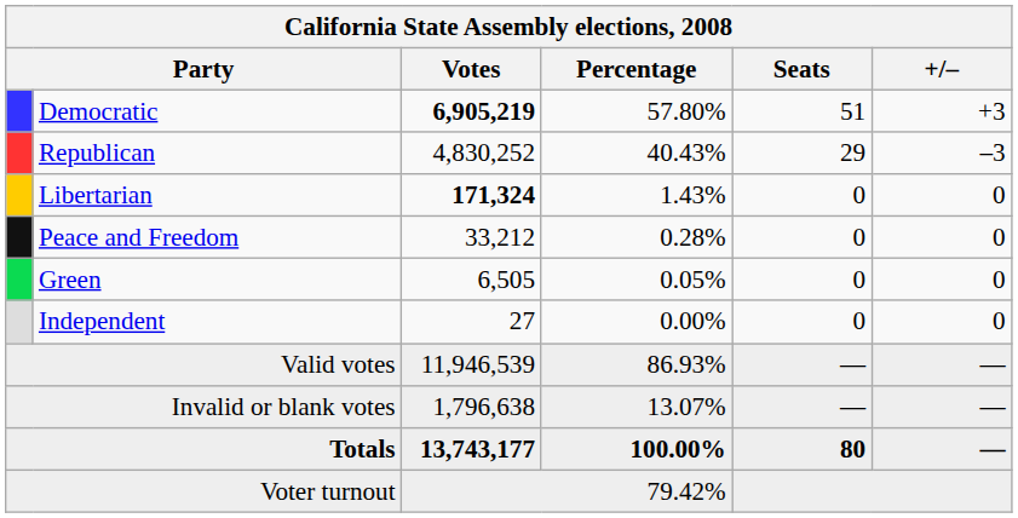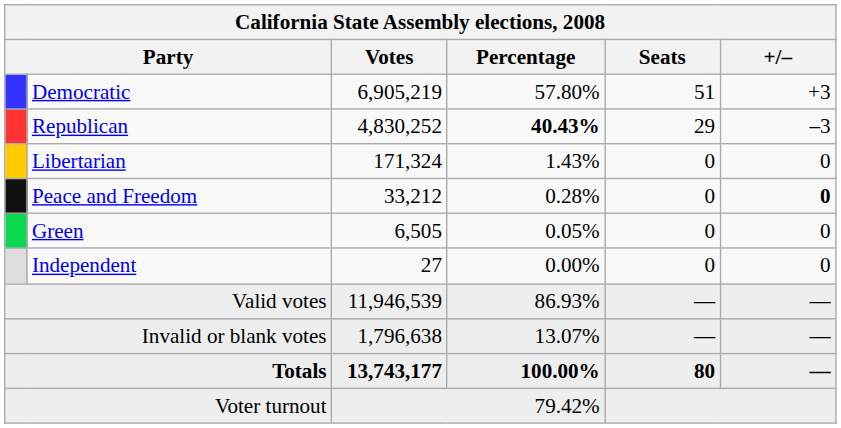 <table class="wikitable" style="background: #f9f9f9; font-size: 95%;">
 <tr style="background-color:#E9E9E9">
 <th colspan="6">California State Assembly elections, 2008</th>
 </tr>
 <tr bgcolor="#EEEEEE" align="center">
 <th colspan=2 style="width: 15em">Party</th>
 <th style="width: 5em">Votes</th>
 <th style="width: 7em">Percentage</th>
 <th style="width: 5em">Seats</th>
 <th style="width: 5em">+/–</th>
 </tr>
 <tr>
 <th style="background-color:#3333FF; width: 3px"></th>
 <td style="width: 130px"><a href='#'>Democratic</a></td>
-<td align="right"><strong>6,905,219</strong></td>
+<td align="right">6,905,219</td>
 <td align="right">57.80%</td>
 <td align="right">51</td>
 <td align="right">+3</td>
 </tr>
 <tr>
 <th style="background-color:#FF3333; width: 3px"></th>
 <td style="width: 130px"><a href='#'>Republican</a></td>
 <td align="right">4,830,252</td>
-<td align="right">40.43%</td>
+<td align="right"><strong>40.43%</strong></td>
 <td align="right">29</td>
 <td align="right">–3</td>
 </tr>
 <tr>
 <th style="background-color:#FFCC00; width: 3px"></th>
 <td style="width: 130px"><a href='#'>Libertarian</a></td>
-<td align="right"><strong>171,324</strong></td>
+<td align="right">171,324</td>
 <td align="right">1.43%</td>
 <td align="right">0</td>
 <td align="right">0</td>
 </tr>
 <tr>
 <th style="background-color:#111111; width: 3px"></th>
 <td style="width: 130px"><a href='#'>Peace and Freedom</a></td>
 <td align="right">33,212</td>
 <td align="right">0.28%</td>
 <td align="right">0</td>
-<td align="right">0</td>
+<td align="right"><strong>0</strong></td>
 </tr>
 <tr>
 <th style="background-color:#0BDA51; width: 3px"></th>
 <td style="width: 130px"><a href='#'>Green</a></td>
 <td align="right">6,505</td>
 <td align="right">0.05%</td>
 <td align="right">0</td>
 <td align="right">0</td>
 </tr>
 <tr>
 <th style="background-color:#DDDDDD; width: 3px"></th>
 <td style="width: 130px"><a href='#'>Independent</a></td>
 <td align="right">27</td>
 <td align="right">0.00%</td>
 <td align="right">0</td>
 <td align="right">0</td>
 </tr>
 <tr bgcolor="#EEEEEE">
 <td colspan="2" align="right">Valid votes</td>
 <td align="right">11,946,539</td>
 <td align="right">86.93%</td>
 <td align="right">—</td>
 <td align="right">—</td>
 </tr>
 <tr bgcolor="#EEEEEE">
 <td colspan="2" align="right">Invalid or blank votes</td>
 <td align="right">1,796,638</td>
 <td align="right">13.07%</td>
 <td align="right">—</td>
 <td align="right">—</td>
 </tr>
 <tr bgcolor="#EEEEEE">
 <td colspan="2" align="right"><strong>Totals</strong></td>
 <td align="right"><strong>13,743,177</strong></td>
 <td align="right"><strong>100.00%</strong></td>
 <td align="right"><strong>80</strong></td>
 <td align="right"><strong>—</strong></td>
 </tr>
 <tr bgcolor="#EEEEEE">
 <td colspan="2" align="right">Voter turnout</td>
 <td colspan="2" align="right">79.42%</td>
 <td colspan="2" align="right"></td>
 </tr>
 </table>
